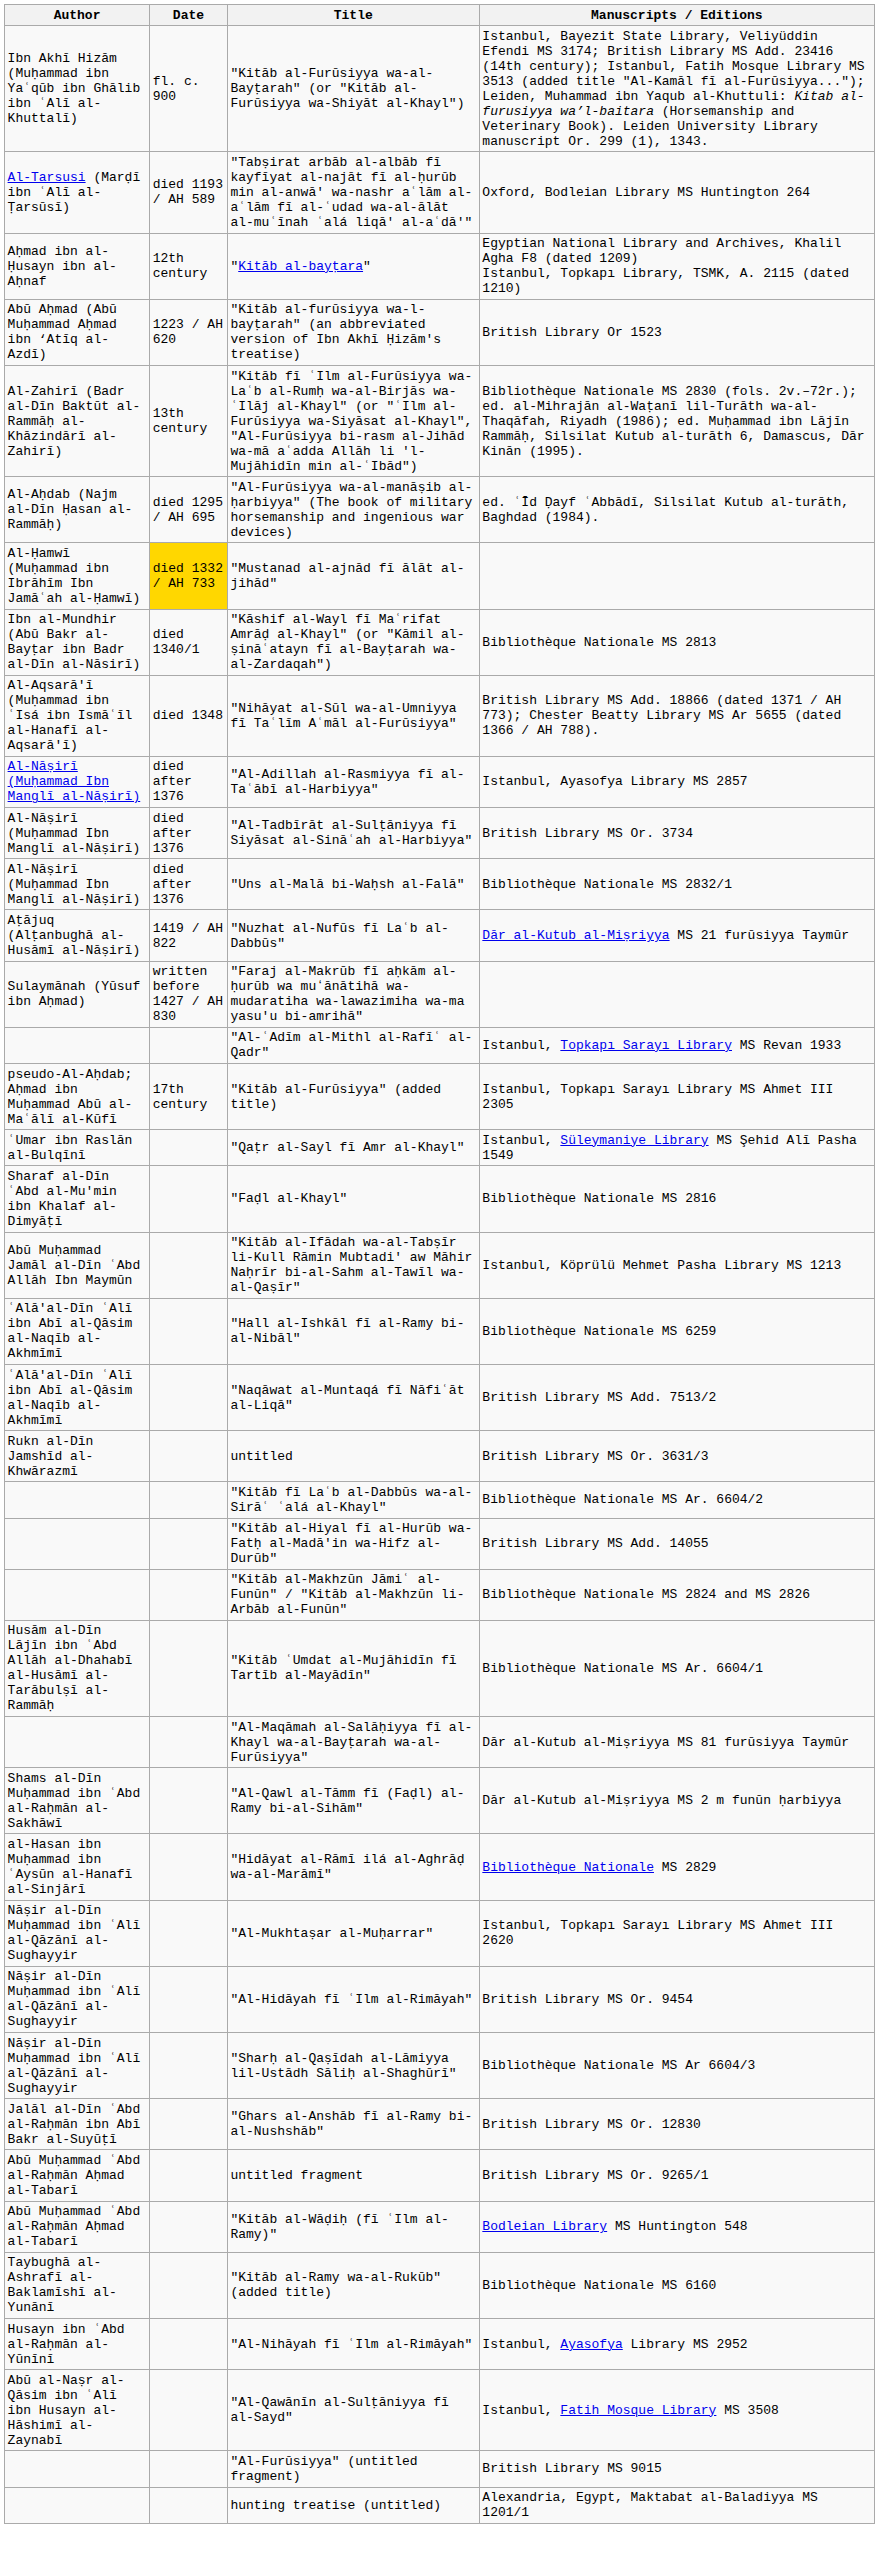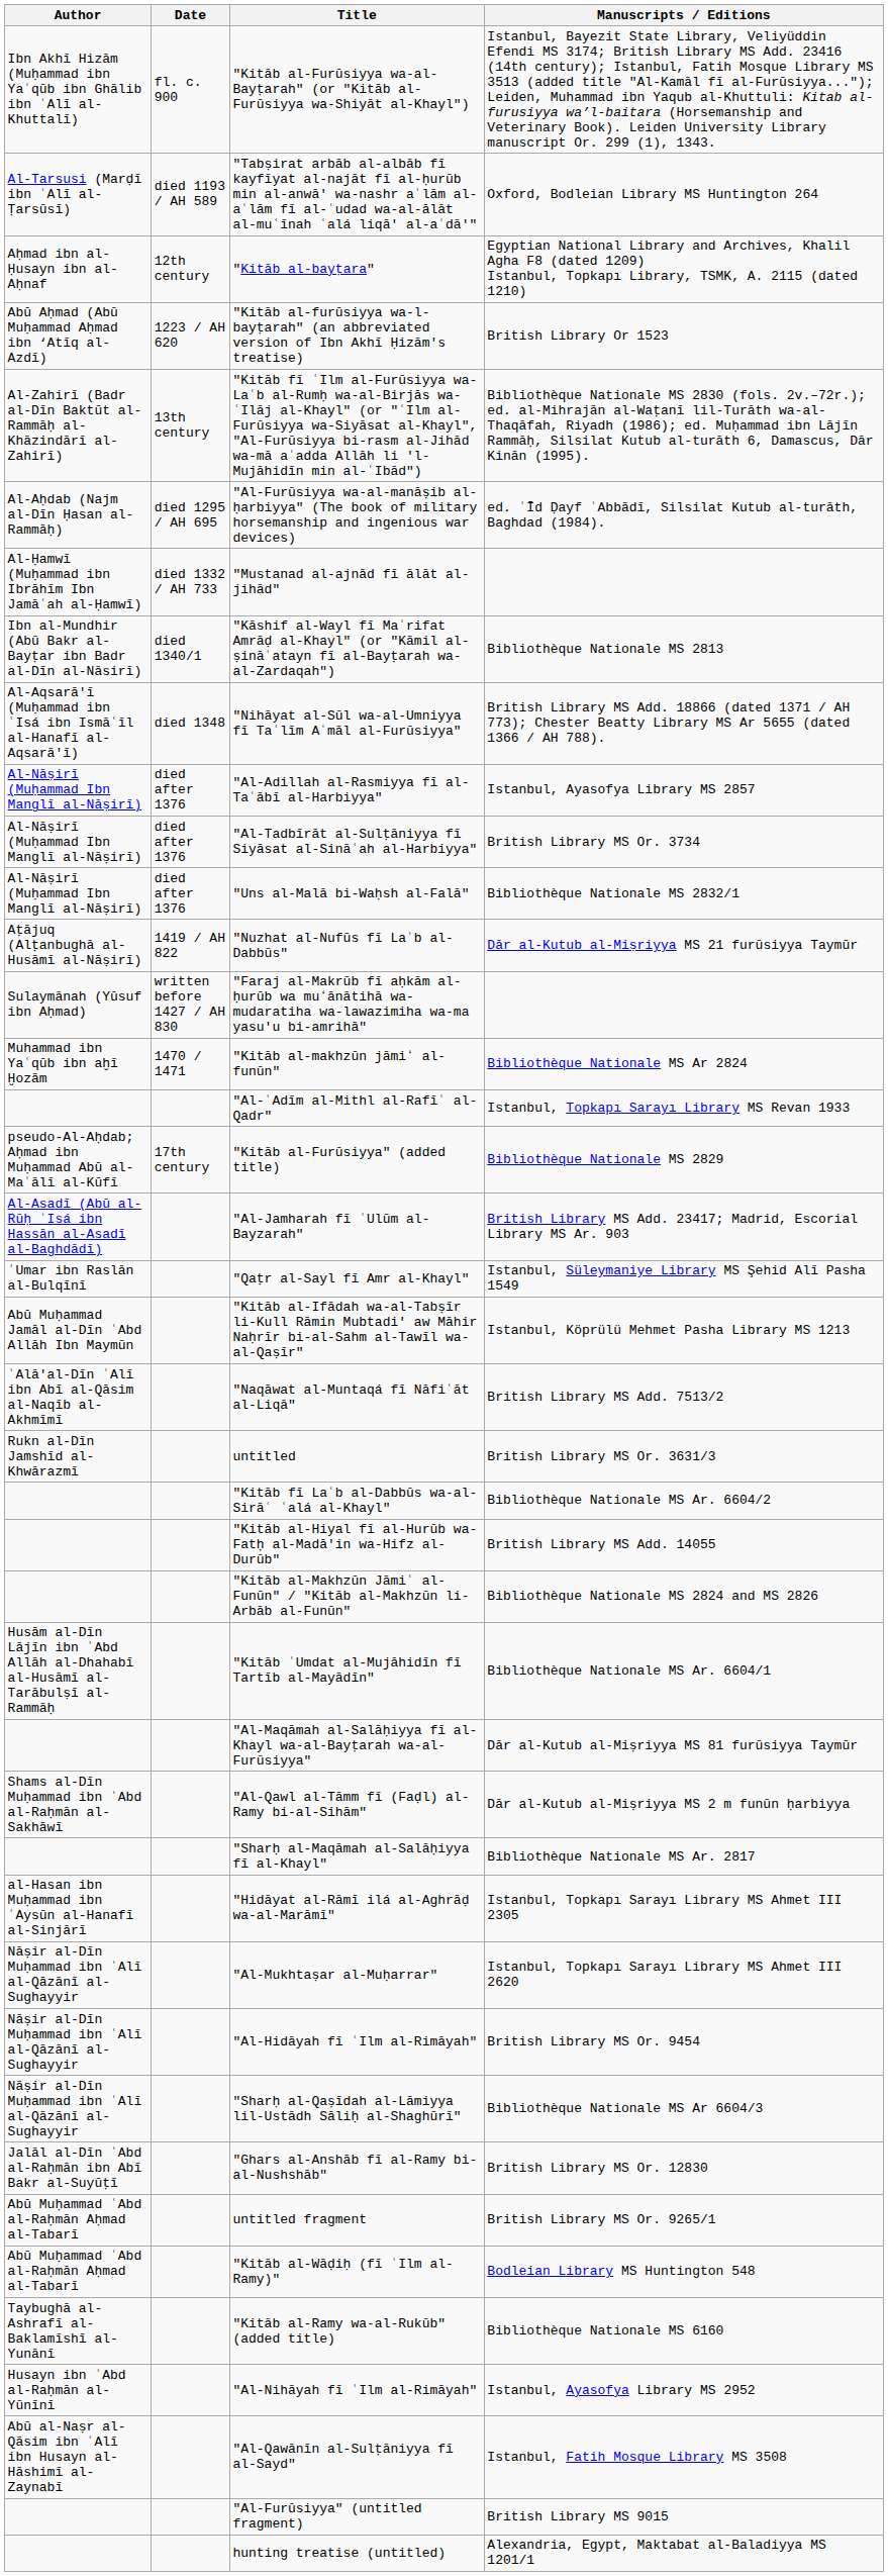 <table class="wikitable">
 <tr>
 <th>Author</th>
 <th>Date</th>
 <th>Title</th>
 <th>Manuscripts / Editions</th>
 </tr>
 <tr>
 <td>Ibn Akhī Hizām (Muḥammad ibn Yaʿqūb ibn Ghālib ibn ʿAlī al-Khuttalī)</td>
 <td>fl. c. 900</td>
 <td>"Kitāb al-Furūsiyya wa-al-Bayṭarah" (or "Kitāb al-Furūsiyya wa-Shiyāt al-Khayl")</td>
 <td>Istanbul, Bayezit State Library, Veliyüddin Efendi MS 3174; British Library MS Add. 23416 (14th century); Istanbul, Fatih Mosque Library MS 3513 (added title "Al-Kamāl fī al-Furūsiyya..."); Leiden, Muhammad ibn Yaqub al-Khuttuli: <em>Kitab al-furusiyya wa’l-baitara</em> (Horsemanship and Veterinary Book). Leiden University Library manuscript Or. 299 (1), 1343.</td>
 </tr>
 <tr>
 <td><a href='#'>Al-Tarsusi</a> (Marḍī ibn ʿAlī al-Ṭarsūsī)</td>
 <td>died 1193 / AH 589</td>
 <td>"Tabṣirat arbāb al-albāb fī kayfīyat al-najāt fī al-ḥurūb min al-anwā' wa-nashr aʿlām al-aʿlām fī al-ʿudad wa-al-ālāt al-muʿīnah ʿalá liqā' al-aʿdā'"</td>
 <td>Oxford, Bodleian Library MS Huntington 264</td>
 </tr>
 <tr>
 <td>Aḥmad ibn al-Ḥusayn ibn al-Aḥnaf</td>
 <td>12th century</td>
 <td>"<a href='#'>Kitāb al-bayṭara</a>"</td>
 <td>Egyptian National Library and Archives, Khalil Agha F8 (dated 1209)<br>Istanbul, Topkapı Library, TSMK, A. 2115 (dated 1210)</td>
 </tr>
 <tr>
 <td>Abū Aḥmad (Abū Muḥammad Aḥmad ibn ‘Atīq al-Azdī)</td>
 <td>1223 / AH 620</td>
 <td>"Kitāb al-furūsiyya wa-l-bayṭarah" (an abbreviated version of Ibn Akhī Ḥizām's treatise)</td>
 <td>British Library Or 1523</td>
 </tr>
 <tr>
 <td>Al-Zahirī (Badr al-Dīn Baktūt al-Rammāḥ al-Khāzindārī al-Zahirī)</td>
 <td>13th century</td>
 <td>"Kitāb fī ʿIlm al-Furūsiyya wa-Laʿb al-Rumḥ wa-al-Birjās wa-ʿIlāj al-Khayl" (or "ʿIlm al-Furūsiyya wa-Siyāsat al-Khayl", "Al-Furūsiyya bi-rasm al-Jihād wa-mā aʿadda Allāh li 'l-Mujāhidīn min al-ʿIbād")</td>
 <td>Bibliothèque Nationale MS 2830 (fols. 2v.–72r.);<br>ed. al-Mihrajān al-Waṭanī lil-Turāth wa-al-Thaqāfah, Riyadh (1986); ed. Muḥammad ibn Lājīn Rammāḥ, Silsilat Kutub al-turāth 6, Damascus, Dār Kinān (1995).</td>
 </tr>
 <tr>
 <td>Al-Aḥdab (Najm al-Dīn Ḥasan al-Rammāḥ)</td>
 <td>died 1295 / AH 695</td>
 <td>"Al-Furūsiyya wa-al-manāṣib al-ḥarbiyya" (The book of military horsemanship and ingenious war devices)</td>
 <td>ed. ʿĪd Ḍayf ʿAbbādī, Silsilat Kutub al-turāth, Baghdad (1984).</td>
 </tr>
 <tr>
 <td>Al-Ḥamwī (Muḥammad ibn Ibrāhīm Ibn Jamāʿah al-Ḥamwī)</td>
-<td style="background: gold;">died 1332 / AH 733</td>
+<td>died 1332 / AH 733</td>
 <td>"Mustanad al-ajnād fī ālāt al-jihād"</td>
 <td></td>
 </tr>
 <tr>
 <td>Ibn al-Mundhir (Abū Bakr al-Bayṭar ibn Badr al-Dīn al-Nāsirī)</td>
 <td>died 1340/1</td>
 <td>"Kāshif al-Wayl fī Maʿrifat Amrāḍ al-Khayl" (or "Kāmil al-ṣināʿatayn fī al-Bayṭarah wa-al-Zardaqah")</td>
 <td>Bibliothèque Nationale MS 2813</td>
 </tr>
 <tr>
 <td>Al-Aqsarā'ī (Muḥammad ibn ʿIsá ibn Ismāʿīl al-Hanafī al-Aqsarā'ī)</td>
 <td>died 1348</td>
 <td>"Nihāyat al-Sūl wa-al-Umniyya fī Taʿlīm Aʿmāl al-Furūsiyya"</td>
 <td>British Library MS Add. 18866 (dated 1371 / AH 773); Chester Beatty Library MS Ar 5655 (dated 1366 / AH 788).</td>
 </tr>
 <tr>
 <td><a href='#'>Al-Nāṣirī (Muḥammad Ibn Manglī al-Nāṣirī)</a></td>
 <td>died after 1376</td>
 <td>"Al-Adillah al-Rasmiyya fī al-Taʿābī al-Harbiyya"</td>
 <td>Istanbul, Ayasofya Library MS 2857</td>
 </tr>
 <tr>
 <td>Al-Nāṣirī (Muḥammad Ibn Manglī al-Nāṣirī)</td>
 <td>died after 1376</td>
 <td>"Al-Tadbīrāt al-Sulṭāniyya fī Siyāsat al-Sināʿah al-Harbiyya"</td>
 <td>British Library MS Or. 3734</td>
 </tr>
 <tr>
 <td>Al-Nāṣirī (Muḥammad Ibn Manglī al-Nāṣirī)</td>
 <td>died after 1376</td>
 <td>"Uns al-Malā bi-Waḥsh al-Falā"</td>
 <td>Bibliothèque Nationale MS 2832/1</td>
 </tr>
 <tr>
 <td>Aṭājuq (Alṭanbughā al-Husāmī al-Nāṣirī)</td>
 <td>1419 / AH 822</td>
 <td>"Nuzhat al-Nufūs fī Laʿb al-Dabbūs"</td>
 <td><a href='#'>Dār al-Kutub al-Miṣriyya</a> MS 21 furūsiyya Taymūr</td>
 </tr>
 <tr>
 <td>Sulaymānah (Yūsuf ibn Aḥmad)</td>
 <td>written before 1427 / AH 830</td>
 <td>"Faraj al-Makrūb fī aḥkām al-ḥurūb wa muʻānātihā wa-mudaratiha wa-lawazimiha wa-ma yasu'u bi-amrihā"</td>
 <td></td>
 </tr>
 <tr>
+<td>Muhammad ibn Yaʿqūb ibn aḫī Ḫozām</td>
+<td>1470 / 1471</td>
+<td>"Kitāb al-makhzūn jāmiʻ al-funūn"</td>
+<td><a href='#'>Bibliothèque Nationale</a> MS Ar 2824</td>
+</tr>
+<tr>
 <td></td>
 <td></td>
 <td>"Al-ʿAdīm al-Mithl al-Rafīʿ al-Qadr"</td>
 <td>Istanbul, <a href='#'>Topkapı Sarayı Library</a> MS Revan 1933</td>
 </tr>
 <tr>
 <td>pseudo-Al-Aḥdab; Aḥmad ibn Muḥammad Abū al-Maʿālī al-Kūfī</td>
 <td>17th century</td>
 <td>"Kitāb al-Furūsiyya" (added title)</td>
-<td>Istanbul, Topkapı Sarayı Library MS Ahmet III 2305</td>
+<td><a href='#'>Bibliothèque Nationale</a> MS 2829</td>
+</tr>
+<tr>
+<td><a href='#'>Al-Asadī (Abū al-Rūḥ ʿIsá ibn Hassān al-Asadī al-Baghdādī)</a></td>
+<td></td>
+<td>"Al-Jamharah fī ʿUlūm al-Bayzarah"</td>
+<td><a href='#'>British Library</a> MS Add. 23417; Madrid, Escorial Library MS Ar. 903</td>
 </tr>
 <tr>
 <td>ʿUmar ibn Raslān al-Bulqīnī</td>
 <td></td>
 <td>"Qaṭr al-Sayl fī Amr al-Khayl"</td>
 <td>Istanbul, <a href='#'>Süleymaniye Library</a> MS Şehid Alī Pasha 1549</td>
 </tr>
 <tr>
-<td>Sharaf al-Dīn ʿAbd al-Mu'min ibn Khalaf al-Dimyāṭī</td>
-<td></td>
-<td>"Faḍl al-Khayl"</td>
-<td>Bibliothèque Nationale MS 2816</td>
-</tr>
-<tr>
 <td>Abū Muḥammad Jamāl al-Dīn ʿAbd Allāh Ibn Maymūn</td>
 <td></td>
 <td>"Kitāb al-Ifādah wa-al-Tabṣīr li-Kull Rāmin Mubtadi' aw Māhir Naḥrīr bi-al-Sahm al-Tawīl wa-al-Qaṣīr"</td>
 <td>Istanbul, Köprülü Mehmet Pasha Library MS 1213</td>
-</tr>
-<tr>
-<td>ʿAlā'al-Dīn ʿAlī ibn Abī al-Qāsim al-Naqīb al-Akhmīmī</td>
-<td></td>
-<td>"Hall al-Ishkāl fī al-Ramy bi-al-Nibāl"</td>
-<td>Bibliothèque Nationale MS 6259</td>
 </tr>
 <tr>
 <td>ʿAlā'al-Dīn ʿAlī ibn Abī al-Qāsim al-Naqīb al-Akhmīmī</td>
 <td></td>
 <td>"Naqāwat al-Muntaqá fī Nāfiʿāt al-Liqā"</td>
 <td>British Library MS Add. 7513/2</td>
 </tr>
 <tr>
 <td>Rukn al-Dīn Jamshīd al-Khwārazmī</td>
 <td></td>
 <td>untitled</td>
 <td>British Library MS Or. 3631/3</td>
 </tr>
 <tr>
 <td></td>
 <td></td>
 <td>"Kitāb fī Laʿb al-Dabbūs wa-al-Sirāʿ ʿalá al-Khayl"</td>
 <td>Bibliothèque Nationale MS Ar. 6604/2</td>
 </tr>
 <tr>
 <td></td>
 <td></td>
 <td>"Kitāb al-Hiyal fī al-Hurūb wa-Fatḥ al-Madā'in wa-Hifz al-Durūb"</td>
 <td>British Library MS Add. 14055</td>
 </tr>
 <tr>
 <td></td>
 <td></td>
 <td>"Kitāb al-Makhzūn Jāmiʿ al-Funūn" / "Kitāb al-Makhzūn li-Arbāb al-Funūn"</td>
 <td>Bibliothèque Nationale MS 2824 and MS 2826</td>
 </tr>
 <tr>
 <td>Husām al-Dīn Lājīn ibn ʿAbd Allāh al-Dhahabī al-Husāmī al-Tarābulṣī al-Rammāḥ</td>
 <td></td>
 <td>"Kitāb ʿUmdat al-Mujāhidīn fī Tartīb al-Mayādīn"</td>
 <td>Bibliothèque Nationale MS Ar. 6604/1</td>
 </tr>
 <tr>
 <td></td>
 <td></td>
 <td>"Al-Maqāmah al-Salāḥiyya fī al-Khayl wa-al-Bayṭarah wa-al-Furūsiyya"</td>
 <td>Dār al-Kutub al-Miṣriyya MS 81 furūsiyya Taymūr</td>
 </tr>
 <tr>
 <td>Shams al-Dīn Muḥammad ibn ʿAbd al-Raḥmān al-Sakhāwī</td>
 <td></td>
 <td>"Al-Qawl al-Tāmm fī (Faḍl) al-Ramy bi-al-Sihām"</td>
 <td>Dār al-Kutub al-Miṣriyya MS 2 m funūn ḥarbiyya</td>
 </tr>
 <tr>
+<td></td>
+<td></td>
+<td>"Sharḥ al-Maqāmah al-Salāḥiyya fī al-Khayl"</td>
+<td>Bibliothèque Nationale MS Ar. 2817</td>
+</tr>
+<tr>
 <td>al-Hasan ibn Muḥammad ibn ʿAysūn al-Hanafī al-Sinjārī</td>
 <td></td>
 <td>"Hidāyat al-Rāmī ilá al-Aghrāḍ wa-al-Marāmī"</td>
-<td><a href='#'>Bibliothèque Nationale</a> MS 2829</td>
+<td>Istanbul, Topkapı Sarayı Library MS Ahmet III 2305</td>
 </tr>
 <tr>
 <td>Nāṣir al-Dīn Muḥammad ibn ʿAlī al-Qāzānī al-Sughayyir</td>
 <td></td>
 <td>"Al-Mukhtaṣar al-Muḥarrar"</td>
 <td>Istanbul, Topkapı Sarayı Library MS Ahmet III 2620</td>
 </tr>
 <tr>
 <td>Nāṣir al-Dīn Muḥammad ibn ʿAlī al-Qāzānī al-Sughayyir</td>
 <td></td>
 <td>"Al-Hidāyah fī ʿIlm al-Rimāyah"</td>
 <td>British Library MS Or. 9454</td>
 </tr>
 <tr>
 <td>Nāṣir al-Dīn Muḥammad ibn ʿAlī al-Qāzānī al-Sughayyir</td>
 <td></td>
 <td>"Sharḥ al-Qaṣīdah al-Lāmiyya lil-Ustādh Sāliḥ al-Shaghūrī"</td>
 <td>Bibliothèque Nationale MS Ar 6604/3</td>
 </tr>
 <tr>
 <td>Jalāl al-Dīn ʿAbd al-Raḥmān ibn Abī Bakr al-Suyūṭī</td>
 <td></td>
 <td>"Ghars al-Anshāb fī al-Ramy bi-al-Nushshāb"</td>
 <td>British Library MS Or. 12830</td>
 </tr>
 <tr>
 <td>Abū Muḥammad ʿAbd al-Raḥmān Aḥmad al-Tabarī</td>
 <td></td>
 <td>untitled fragment</td>
 <td>British Library MS Or. 9265/1</td>
 </tr>
 <tr>
 <td>Abū Muḥammad ʿAbd al-Raḥmān Aḥmad al-Tabarī</td>
 <td></td>
 <td>"Kitāb al-Wāḍiḥ (fī ʿIlm al-Ramy)"</td>
 <td><a href='#'>Bodleian Library</a> MS Huntington 548</td>
 </tr>
 <tr>
 <td>Taybughā al-Ashrafī al-Baklamīshī al-Yunānī</td>
 <td></td>
 <td>"Kitāb al-Ramy wa-al-Rukūb" (added title)</td>
 <td>Bibliothèque Nationale MS 6160</td>
 </tr>
 <tr>
 <td>Husayn ibn ʿAbd al-Raḥmān al-Yūnīnī</td>
 <td></td>
 <td>"Al-Nihāyah fī ʿIlm al-Rimāyah"</td>
 <td>Istanbul, <a href='#'>Ayasofya</a> Library MS 2952</td>
 </tr>
 <tr>
 <td>Abū al-Naṣr al-Qāsim ibn ʿAlī ibn Husayn al-Hāshimī al-Zaynabī</td>
 <td></td>
 <td>"Al-Qawānīn al-Sulṭāniyya fī al-Sayd"</td>
 <td>Istanbul, <a href='#'>Fatih Mosque Library</a> MS 3508</td>
 </tr>
 <tr>
 <td></td>
 <td></td>
 <td>"Al-Furūsiyya" (untitled fragment)</td>
 <td>British Library MS 9015</td>
 </tr>
 <tr>
 <td></td>
 <td></td>
 <td>hunting treatise (untitled)</td>
 <td>Alexandria, Egypt, Maktabat al-Baladiyya MS 1201/1</td>
 </tr>
 </table>
